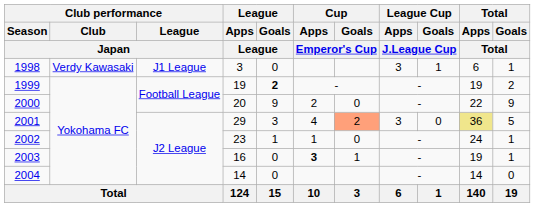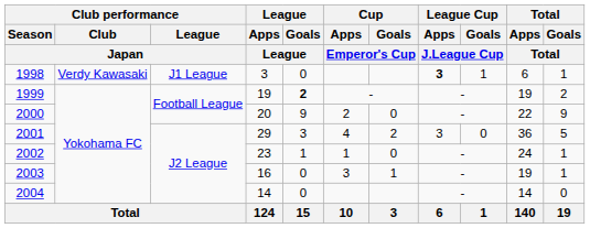 <table class="wikitable" style="text-align:center;">
 <tr>
 <th colspan=3>Club performance</th>
 <th colspan=2>League</th>
 <th colspan=2>Cup</th>
 <th colspan=2>League Cup</th>
 <th colspan=2>Total</th>
 </tr>
 <tr>
 <th>Season</th>
 <th>Club</th>
 <th>League</th>
 <th>Apps</th>
 <th>Goals</th>
 <th>Apps</th>
 <th>Goals</th>
 <th>Apps</th>
 <th>Goals</th>
 <th>Apps</th>
 <th>Goals</th>
 </tr>
 <tr>
 <th colspan=3>Japan</th>
 <th colspan=2>League</th>
 <th colspan=2><a href='#'>Emperor's Cup</a></th>
 <th colspan=2><a href='#'>J.League Cup</a></th>
 <th colspan=2>Total</th>
 </tr>
 <tr>
 <td><a href='#'>1998</a></td>
 <td><a href='#'>Verdy Kawasaki</a></td>
 <td><a href='#'>J1 League</a></td>
 <td>3</td>
 <td>0</td>
 <td></td>
 <td></td>
-<td>3</td>
+<td><strong>3</strong></td>
 <td>1</td>
 <td>6</td>
 <td>1</td>
 </tr>
 <tr>
 <td><a href='#'>1999</a></td>
 <td rowspan="6"><a href='#'>Yokohama FC</a></td>
 <td rowspan="2"><a href='#'>Football League</a></td>
 <td>19</td>
 <td><strong>2</strong></td>
 <td colspan="2">-</td>
 <td colspan="2">-</td>
 <td>19</td>
 <td>2</td>
 </tr>
 <tr>
 <td><a href='#'>2000</a></td>
 <td>20</td>
 <td>9</td>
 <td>2</td>
 <td>0</td>
 <td colspan="2">-</td>
 <td>22</td>
 <td>9</td>
 </tr>
 <tr>
 <td><a href='#'>2001</a></td>
 <td rowspan="4"><a href='#'>J2 League</a></td>
 <td>29</td>
 <td>3</td>
 <td>4</td>
-<td style="background: lightsalmon;">2</td>
+<td>2</td>
 <td>3</td>
 <td>0</td>
-<td style="background: khaki;">36</td>
+<td>36</td>
 <td>5</td>
 </tr>
 <tr>
 <td><a href='#'>2002</a></td>
 <td>23</td>
 <td>1</td>
 <td>1</td>
 <td>0</td>
 <td colspan="2">-</td>
 <td>24</td>
 <td>1</td>
 </tr>
 <tr>
 <td><a href='#'>2003</a></td>
 <td>16</td>
 <td>0</td>
-<td><strong>3</strong></td>
+<td>3</td>
 <td>1</td>
 <td colspan="2">-</td>
 <td>19</td>
 <td>1</td>
 </tr>
 <tr>
 <td><a href='#'>2004</a></td>
 <td>14</td>
 <td>0</td>
 <td></td>
 <td></td>
 <td colspan="2">-</td>
 <td>14</td>
 <td>0</td>
 </tr>
 <tr>
 <th colspan=3>Total</th>
 <th>124</th>
 <th>15</th>
 <th>10</th>
 <th>3</th>
 <th>6</th>
 <th>1</th>
 <th>140</th>
 <th>19</th>
 </tr>
 </table>
